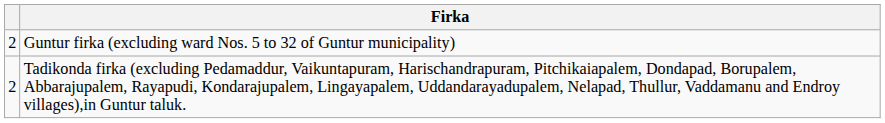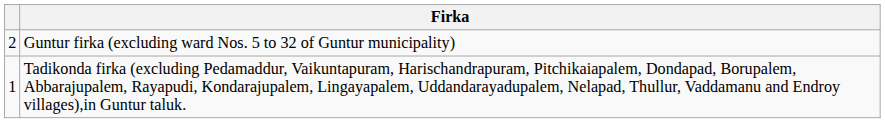 <table class="wikitable sortable">
 <tr>
 <th></th>
 <th>Firka</th>
 </tr>
 <tr>
 <td>2</td>
 <td>Guntur firka (excluding ward Nos. 5 to 32 of Guntur municipality)</td>
 </tr>
 <tr>
-<td>2</td>
+<td>1</td>
 <td>Tadikonda firka (excluding Pedamaddur, Vaikuntapuram, Harischandrapuram, Pitchikaiapalem, Dondapad, Borupalem, Abbarajupalem, Rayapudi, Kondarajupalem, Lingayapalem, Uddandarayadupalem, Nelapad, Thullur, Vaddamanu and Endroy villages),in Guntur taluk.</td>
 </tr>
 </table>
